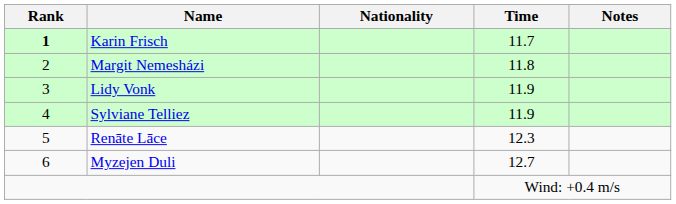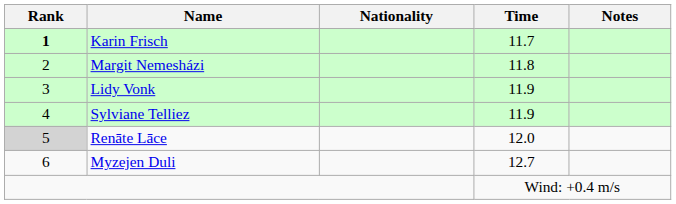 <table class="wikitable sortable" style="text-align:center;width: 55%">
 <tr>
 <th>Rank</th>
 <th>Name</th>
 <th>Nationality</th>
 <th>Time</th>
 <th>Notes</th>
 </tr>
 <tr bgcolor=ccffcc>
 <td><strong>1</strong></td>
 <td align=left><a href='#'>Karin Frisch</a></td>
 <td align=left></td>
 <td>11.7</td>
 <td></td>
 </tr>
 <tr bgcolor=ccffcc>
 <td>2</td>
 <td align=left><a href='#'>Margit Nemesházi</a></td>
 <td align=left></td>
 <td>11.8</td>
 <td></td>
 </tr>
 <tr bgcolor=ccffcc>
 <td>3</td>
 <td align=left><a href='#'>Lidy Vonk</a></td>
 <td align=left></td>
 <td>11.9</td>
 <td></td>
 </tr>
 <tr bgcolor=ccffcc>
 <td>4</td>
 <td align=left><a href='#'>Sylviane Telliez</a></td>
 <td align=left></td>
 <td>11.9</td>
 <td></td>
 </tr>
 <tr>
-<td>5</td>
+<td style="background: lightgrey;">5</td>
 <td align=left><a href='#'>Renāte Lāce</a></td>
 <td align=left></td>
-<td>12.3</td>
+<td>12.0</td>
 <td></td>
 </tr>
 <tr>
 <td>6</td>
 <td align=left><a href='#'>Myzejen Duli</a></td>
 <td align=left></td>
 <td>12.7</td>
 <td></td>
 </tr>
 <tr>
 <td colspan="3"></td>
 <td colspan="2">Wind: +0.4 m/s</td>
 </tr>
 </table>
